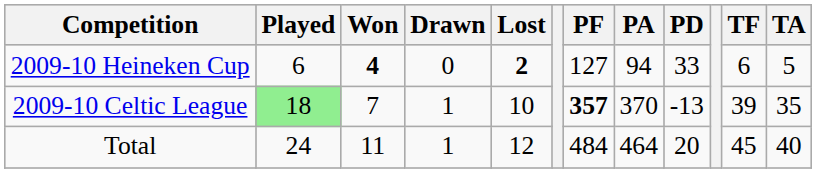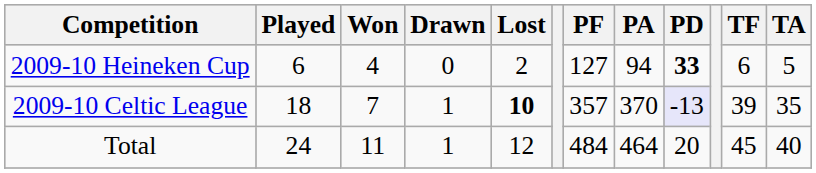 <table class="wikitable">
 <tr>
 <th>Competition</th>
 <th>Played</th>
 <th>Won</th>
 <th>Drawn</th>
 <th>Lost</th>
 <th rowspan="4"></th>
 <th>PF</th>
 <th>PA</th>
 <th>PD</th>
 <th rowspan="4"></th>
 <th>TF</th>
 <th>TA</th>
 </tr>
 <tr align=center>
 <td><a href='#'>2009-10 Heineken Cup</a></td>
 <td>6</td>
-<td><strong>4</strong></td>
+<td>4</td>
 <td>0</td>
-<td><strong>2</strong></td>
+<td>2</td>
 <td>127</td>
 <td>94</td>
-<td>33</td>
+<td><strong>33</strong></td>
 <td>6</td>
 <td>5</td>
 </tr>
 <tr align=center>
 <td><a href='#'>2009-10 Celtic League</a></td>
-<td style="background: lightgreen;">18</td>
+<td>18</td>
 <td>7</td>
 <td>1</td>
-<td>10</td>
-<td><strong>357</strong></td>
+<td><strong>10</strong></td>
+<td>357</td>
 <td>370</td>
-<td>-13</td>
+<td style="background: lavender;">-13</td>
 <td>39</td>
 <td>35</td>
 </tr>
 <tr align=center>
 <td>Total</td>
 <td>24</td>
 <td>11</td>
 <td>1</td>
 <td>12</td>
 <td>484</td>
 <td>464</td>
 <td>20</td>
 <td>45</td>
 <td>40</td>
 </tr>
 </table>
